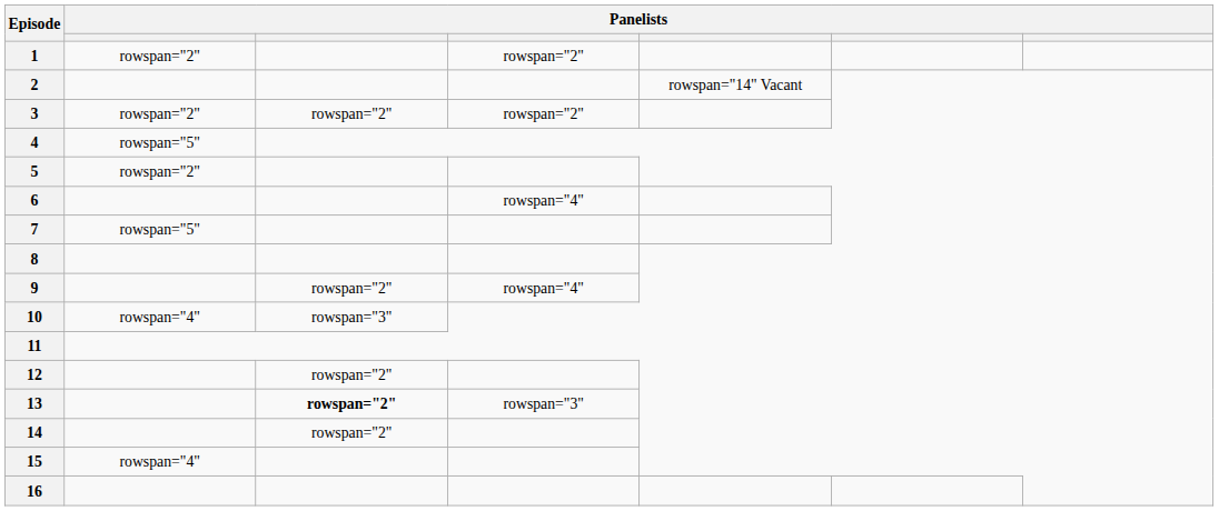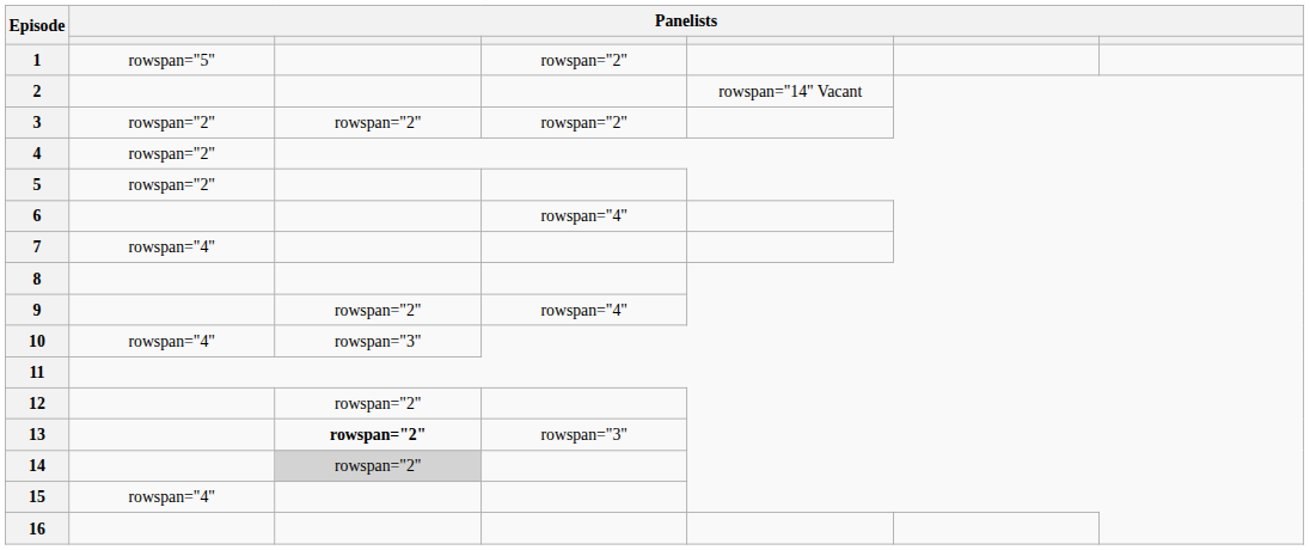 <table class="wikitable plainrowheaders mw-collapsible" style="text-align:center; line-height:23px; width:100%;">
 <tr>
 <th rowspan="2" width="1%">Episode</th>
 <th colspan="6">Panelists</th>
 </tr>
 <tr>
 <th width="16%"></th>
 <th width="16%"></th>
 <th width="16%"></th>
 <th width="16%"></th>
 <th width="16%"></th>
 <th width="16%"></th>
 </tr>
 <tr>
 <th>1</th>
-<td>rowspan="2" </td>
+<td>rowspan="5" </td>
 <td></td>
 <td>rowspan="2" </td>
 <td></td>
 <td></td>
 <td></td>
 </tr>
 <tr>
 <th>2</th>
 <td></td>
 <td></td>
 <td></td>
 <td>rowspan="14"  Vacant</td>
 </tr>
 <tr>
 <th>3</th>
 <td>rowspan="2" </td>
 <td>rowspan="2" </td>
 <td>rowspan="2" </td>
 <td></td>
 </tr>
 <tr>
 <th>4</th>
-<td>rowspan="5" </td>
+<td>rowspan="2" </td>
 </tr>
 <tr>
 <th>5</th>
 <td>rowspan="2" </td>
 <td></td>
 <td></td>
 </tr>
 <tr>
 <th>6</th>
 <td></td>
 <td></td>
 <td>rowspan="4" </td>
 <td></td>
 </tr>
 <tr>
 <th>7</th>
-<td>rowspan="5" </td>
+<td>rowspan="4" </td>
 <td></td>
 <td></td>
 <td></td>
 </tr>
 <tr>
 <th>8</th>
 <td></td>
 <td></td>
 <td></td>
 </tr>
 <tr>
 <th>9</th>
 <td></td>
 <td>rowspan="2" </td>
 <td>rowspan="4" </td>
 </tr>
 <tr>
 <th>10</th>
 <td>rowspan="4" </td>
 <td>rowspan="3" </td>
 </tr>
 <tr>
 <th>11</th>
 </tr>
 <tr>
 <th>12</th>
 <td></td>
 <td>rowspan="2" </td>
 <td></td>
 </tr>
 <tr>
 <th>13</th>
 <td></td>
 <td><strong>rowspan="2" </strong></td>
 <td>rowspan="3" </td>
 </tr>
 <tr>
 <th>14</th>
 <td></td>
-<td>rowspan="2" </td>
+<td style="background: lightgrey;">rowspan="2" </td>
 <td></td>
 </tr>
 <tr>
 <th>15</th>
 <td>rowspan="4" </td>
 <td></td>
 <td></td>
 </tr>
 <tr>
 <th>16</th>
 <td></td>
 <td></td>
 <td></td>
 <td></td>
 <td></td>
 </tr>
 </table>
